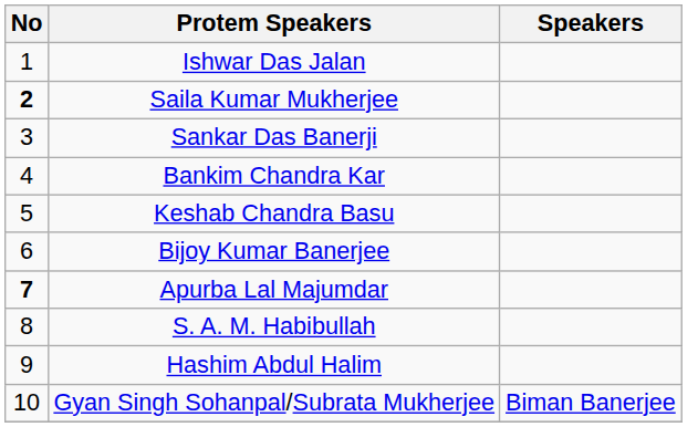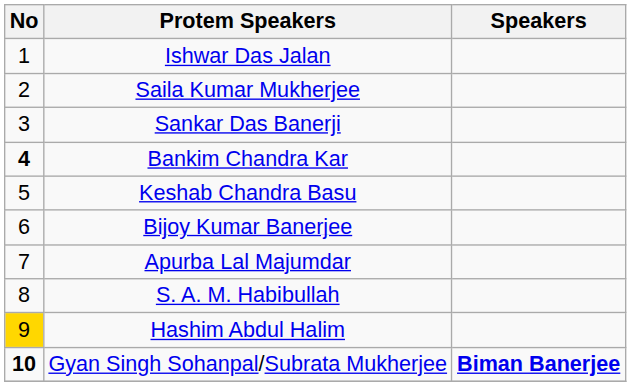 <table class="wikitable sortable" style="text-align:center" border="1">
 <tr>
 <th>No</th>
 <th>Protem Speakers</th>
 <th>Speakers</th>
 </tr>
 <tr>
 <td>1</td>
 <td><a href='#'>Ishwar Das Jalan</a></td>
 <td></td>
 </tr>
 <tr>
-<td><strong>2</strong></td>
+<td>2</td>
 <td><a href='#'>Saila Kumar Mukherjee</a></td>
 <td></td>
 </tr>
 <tr>
 <td>3</td>
 <td><a href='#'>Sankar Das Banerji</a></td>
 <td></td>
 </tr>
 <tr>
-<td>4</td>
+<td><strong>4</strong></td>
 <td><a href='#'>Bankim Chandra Kar</a></td>
 <td></td>
 </tr>
 <tr>
 <td>5</td>
 <td><a href='#'>Keshab Chandra Basu</a></td>
 <td></td>
 </tr>
 <tr>
 <td>6</td>
 <td><a href='#'>Bijoy Kumar Banerjee</a></td>
 <td></td>
 </tr>
 <tr>
-<td><strong>7</strong></td>
+<td>7</td>
 <td><a href='#'>Apurba Lal Majumdar</a></td>
 <td></td>
 </tr>
 <tr>
 <td>8</td>
 <td><a href='#'>S. A. M. Habibullah</a></td>
 <td></td>
 </tr>
 <tr>
-<td>9</td>
+<td style="background: gold;">9</td>
 <td><a href='#'>Hashim Abdul Halim</a></td>
 <td></td>
 </tr>
 <tr>
-<td>10</td>
+<td><strong>10</strong></td>
 <td><a href='#'>Gyan Singh Sohanpal</a>/<a href='#'>Subrata Mukherjee</a></td>
-<td><a href='#'>Biman Banerjee</a></td>
+<td><strong><a href='#'>Biman Banerjee</a></strong></td>
 </tr>
 <tr>
 </tr>
 </table>
